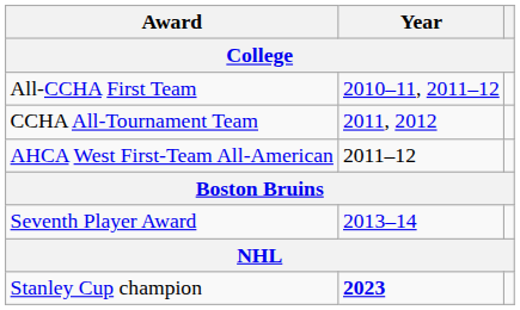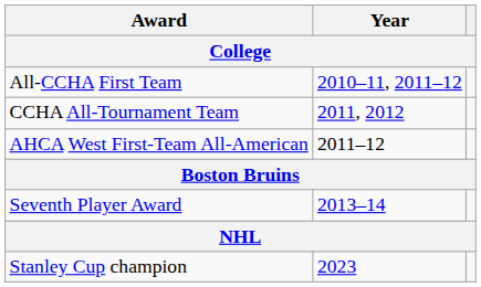 <table class="wikitable">
 <tr>
 <th>Award</th>
 <th>Year</th>
 <th></th>
 </tr>
 <tr>
 <th colspan="3"><a href='#'>College</a></th>
 </tr>
 <tr>
 <td>All-<a href='#'>CCHA</a> <a href='#'>First Team</a></td>
 <td><a href='#'>2010–11</a>, <a href='#'>2011–12</a></td>
 <td></td>
 </tr>
 <tr>
 <td>CCHA <a href='#'>All-Tournament Team</a></td>
 <td><a href='#'>2011</a>, <a href='#'>2012</a></td>
 <td></td>
 </tr>
 <tr>
 <td><a href='#'>AHCA</a> <a href='#'>West First-Team All-American</a></td>
 <td>2011–12</td>
 <td></td>
 </tr>
 <tr>
 <th colspan="3"><a href='#'>Boston Bruins</a></th>
 </tr>
 <tr>
 <td><a href='#'>Seventh Player Award</a></td>
 <td><a href='#'>2013–14</a></td>
 <td></td>
 </tr>
 <tr>
 <th colspan="3"><a href='#'>NHL</a></th>
 </tr>
 <tr>
 <td><a href='#'>Stanley Cup</a> champion</td>
-<td><strong><a href='#'>2023</a></strong></td>
+<td><a href='#'>2023</a></td>
 <td></td>
 </tr>
 </table>
